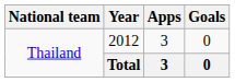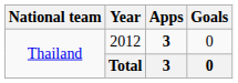 <table class="wikitable" style="text-align:center">
 <tr>
 <th>National team</th>
 <th>Year</th>
 <th>Apps</th>
 <th>Goals</th>
 </tr>
 <tr>
 <td rowspan="2" valign="center"><a href='#'>Thailand</a></td>
 <td>2012</td>
-<td>3</td>
+<td><strong>3</strong></td>
 <td>0</td>
 </tr>
 <tr>
 <th>Total</th>
 <th>3</th>
 <th>0</th>
 </tr>
 </table>
